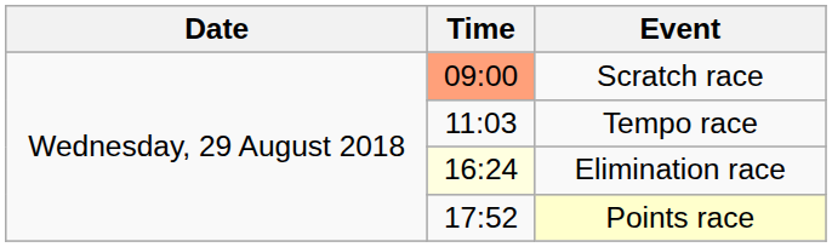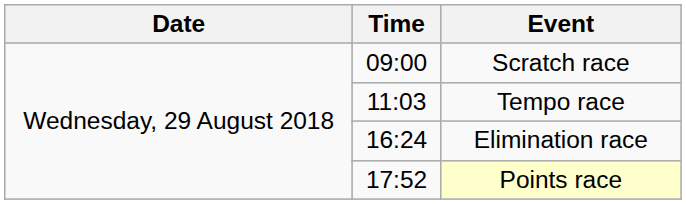 <table class = "wikitable" style="text-align:center;">
 <tr>
 <th width=220>Date</th>
 <th width=50>Time</th>
 <th width=150>Event</th>
 </tr>
 <tr>
 <td rowspan=4>Wednesday, 29 August 2018</td>
-<td style="background: lightsalmon;">09:00</td>
+<td>09:00</td>
 <td>Scratch race</td>
 </tr>
 <tr>
 <td>11:03</td>
 <td>Tempo race</td>
 </tr>
 <tr>
-<td style="background: lightyellow;">16:24</td>
+<td>16:24</td>
 <td>Elimination race</td>
 </tr>
 <tr>
 <td>17:52</td>
 <td bgcolor=ffffcc>Points race</td>
 </tr>
 </table>
